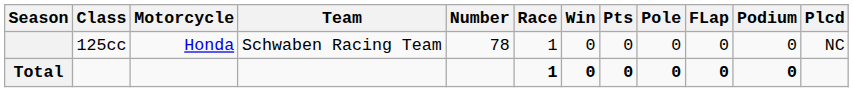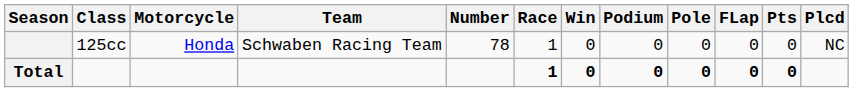 <table class="wikitable">
 <tr>
 <th>Season</th>
 <th>Class</th>
 <th>Motorcycle</th>
 <th>Team</th>
 <th>Number</th>
 <th>Race</th>
 <th>Win</th>
-<th>Pts</th>
+<th>Podium</th>
 <th>Pole</th>
 <th>FLap</th>
-<th>Podium</th>
+<th>Pts</th>
 <th>Plcd</th>
 </tr>
 <tr align="right">
 <th></th>
 <td>125cc</td>
 <td><a href='#'>Honda</a></td>
 <td>Schwaben Racing Team</td>
 <td>78</td>
 <td>1</td>
 <td>0</td>
 <td>0</td>
 <td>0</td>
 <td>0</td>
 <td>0</td>
 <td>NC</td>
 </tr>
 <tr align="right">
 <th>Total</th>
 <td></td>
 <td></td>
 <td></td>
 <td></td>
 <td><strong>1</strong></td>
 <td><strong>0</strong></td>
 <td><strong>0</strong></td>
 <td><strong>0</strong></td>
 <td><strong>0</strong></td>
 <td><strong>0</strong></td>
 <td></td>
 </tr>
 </table>
